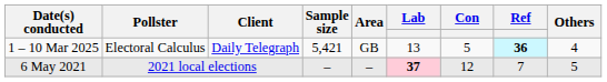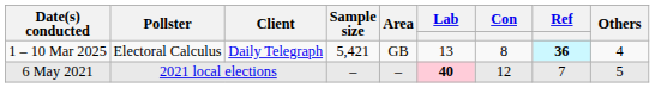 <table class="wikitable sortable mw-datatable" style="text-align:center; font-size:90%; line-height:14px;">
 <tr>
 <th rowspan="2">Date(s)<br>conducted</th>
 <th rowspan="2">Pollster</th>
 <th rowspan="2">Client</th>
 <th rowspan="2" data-sort-type="number">Sample<br>size</th>
 <th rowspan="2">Area</th>
 <th class="unsortable" style="width:50px;"><a href='#'>Lab</a></th>
 <th class="unsortable" style="width:50px;"><a href='#'>Con</a></th>
 <th class="unsortable" style="width:50px;"><a href='#'>Ref</a></th>
 <th rowspan="2" class="unsortable" style="width:50px;">Others</th>
 </tr>
 <tr>
 <th data-sort-type="number" style="background:"></th>
 <th data-sort-type="number" style="background:"></th>
 <th data-sort-type="number" style="background:"></th>
 </tr>
 <tr>
 <td data-sort-value="2025-03-10">1 – 10 Mar 2025</td>
 <td>Electoral Calculus</td>
 <td><a href='#'>Daily Telegraph</a></td>
 <td>5,421</td>
 <td>GB</td>
 <td>13</td>
-<td>5</td>
+<td>8</td>
 <td style="background:#ccf8ff;"><strong>36</strong></td>
 <td>4</td>
 </tr>
 <tr>
 <td style="background:#e9e9e9;">6 May 2021</td>
 <td colspan="2" style="background:#e9e9e9;"><a href='#'>2021 local elections</a></td>
 <td style="background:#e9e9e9;">–</td>
 <td style="background:#e9e9e9;">–</td>
-<td style="background:#ffccd9;"><strong>37</strong></td>
+<td style="background:#ffccd9;"><strong>40</strong></td>
 <td style="background:#e9e9e9;">12</td>
 <td style="background:#e9e9e9;">7</td>
 <td style="background:#e9e9e9;">5</td>
 </tr>
 </table>
